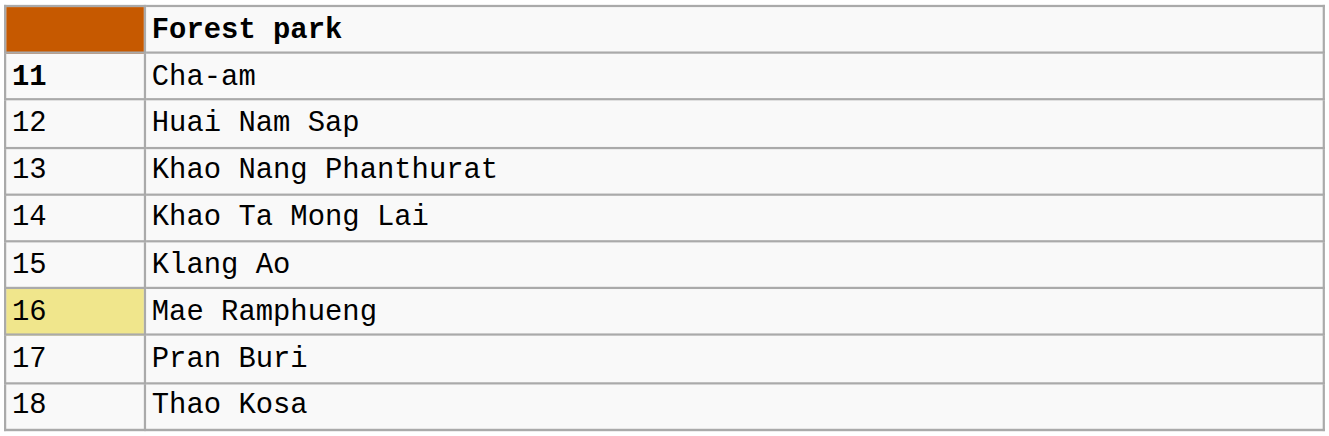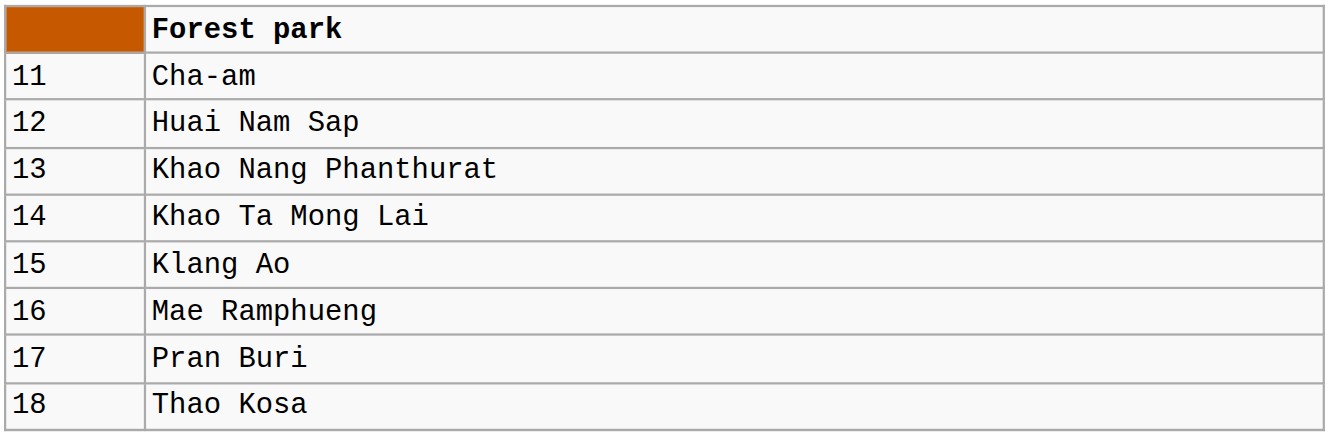 <table class="wikitable" style="width:30%; display:inline-table;">
 <tr>
 <td style="width:3%; background:#C65900;"> </td>
 <td style="width:27%;"><strong>Forest park</strong></td>
 </tr>
 <tr>
-<td><strong>11</strong></td>
+<td>11</td>
 <td>Cha-am</td>
 </tr>
 <tr>
 <td>12</td>
 <td>Huai Nam Sap</td>
 </tr>
 <tr>
 <td>13</td>
 <td>Khao Nang Phanthurat</td>
 </tr>
 <tr>
 <td>14</td>
 <td>Khao Ta Mong Lai</td>
 </tr>
 <tr>
 <td>15</td>
 <td>Klang Ao</td>
 </tr>
 <tr>
-<td style="background: khaki;">16</td>
+<td>16</td>
 <td>Mae Ramphueng</td>
 </tr>
 <tr>
 <td>17</td>
 <td>Pran Buri</td>
 </tr>
 <tr>
 <td>18</td>
 <td>Thao Kosa</td>
 </tr>
 <tr>
 </tr>
 </table>
